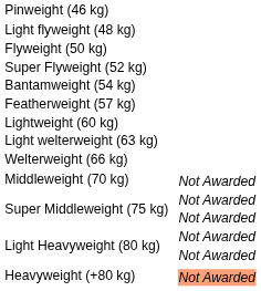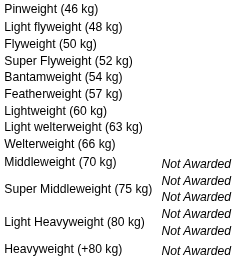 <table>
 <tr>
 <td rowspan=2>Pinweight (46 kg)</td>
 <td rowspan=2></td>
 <td rowspan=2></td>
 <td></td>
 </tr>
 <tr>
 <td></td>
 </tr>
 <tr>
 </tr>
 <tr>
 <td rowspan=2>Light flyweight (48 kg)</td>
 <td rowspan=2></td>
 <td rowspan=2></td>
 <td></td>
 </tr>
 <tr>
 <td></td>
 </tr>
 <tr>
 <td rowspan=2>Flyweight (50 kg)</td>
 <td rowspan=2></td>
 <td rowspan=2></td>
 <td></td>
 </tr>
 <tr>
 <td></td>
 </tr>
 <tr>
 <td rowspan=2>Super Flyweight (52 kg)</td>
 <td rowspan=2></td>
 <td rowspan=2></td>
 <td></td>
 </tr>
 <tr>
 <td></td>
 </tr>
 <tr>
 <td rowspan=2>Bantamweight (54 kg)</td>
 <td rowspan=2></td>
 <td rowspan=2></td>
 <td></td>
 </tr>
 <tr>
 <td></td>
 </tr>
 <tr>
 <td rowspan=2>Featherweight (57 kg)</td>
 <td rowspan=2></td>
 <td rowspan=2></td>
 <td></td>
 </tr>
 <tr>
 <td></td>
 </tr>
 <tr>
 <td rowspan=2>Lightweight (60 kg)</td>
 <td rowspan=2></td>
 <td rowspan=2></td>
 <td></td>
 </tr>
 <tr>
 <td></td>
 </tr>
 <tr>
 <td rowspan=2>Light welterweight (63 kg)</td>
 <td rowspan=2></td>
 <td rowspan=2></td>
 <td></td>
 </tr>
 <tr>
 <td></td>
 </tr>
 <tr>
 <td rowspan=2>Welterweight (66 kg)</td>
 <td rowspan=2></td>
 <td rowspan=2></td>
 <td></td>
 </tr>
 <tr>
 <td></td>
 </tr>
 <tr>
 <td rowspan=2>Middleweight (70 kg)<br></td>
 <td rowspan=2></td>
 <td rowspan=2></td>
 <td></td>
 </tr>
 <tr>
 <td><em>Not Awarded</em></td>
 </tr>
 <tr>
 <td rowspan=2>Super Middleweight (75 kg)<br></td>
 <td rowspan=2></td>
 <td rowspan=2></td>
 <td><em>Not Awarded</em></td>
 </tr>
 <tr>
 <td><em>Not Awarded</em></td>
 </tr>
 <tr>
 <td rowspan=2>Light Heavyweight (80 kg)<br></td>
 <td rowspan=2></td>
 <td rowspan=2></td>
 <td><em>Not Awarded</em></td>
 </tr>
 <tr>
 <td><em>Not Awarded</em></td>
 </tr>
 <tr>
 <td rowspan=2>Heavyweight (+80 kg)<br></td>
 <td rowspan=2></td>
 <td rowspan=2></td>
 <td></td>
 </tr>
 <tr>
-<td style="background: lightsalmon;"><em>Not Awarded</em></td>
+<td><em>Not Awarded</em></td>
 </tr>
 </table>
